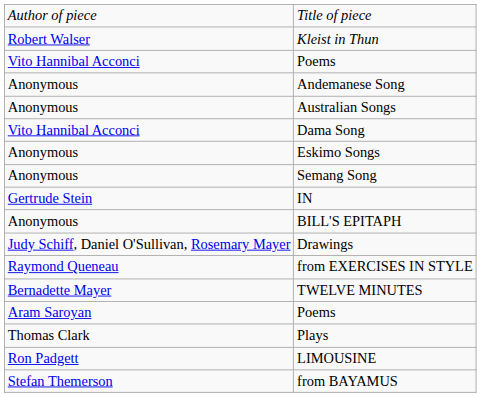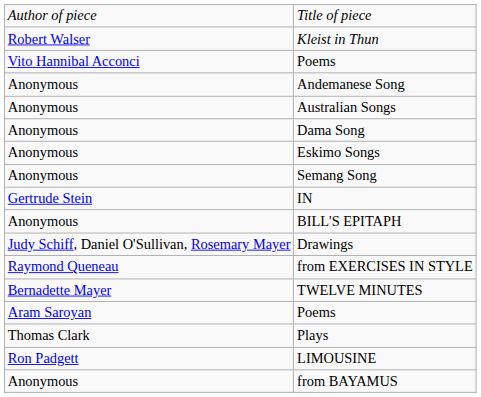 <table class="wikitable">
 <tr>
 <td><em>Author of piece</em></td>
 <td><em>Title of piece</em></td>
 </tr>
 <tr>
 <td><a href='#'>Robert Walser</a></td>
 <td><em>Kleist in Thun</em></td>
 </tr>
 <tr>
 <td><a href='#'>Vito Hannibal Acconci</a></td>
 <td>Poems</td>
 </tr>
 <tr>
 <td>Anonymous</td>
 <td>Andemanese Song</td>
 </tr>
 <tr>
 <td>Anonymous</td>
 <td>Australian Songs</td>
 </tr>
 <tr>
-<td><a href='#'>Vito Hannibal Acconci</a></td>
+<td>Anonymous</td>
 <td>Dama Song</td>
 </tr>
 <tr>
 <td>Anonymous</td>
 <td>Eskimo Songs</td>
 </tr>
 <tr>
 <td>Anonymous</td>
 <td>Semang Song</td>
 </tr>
 <tr>
 <td><a href='#'>Gertrude Stein</a></td>
 <td>IN</td>
 </tr>
 <tr>
 <td>Anonymous</td>
 <td>BILL'S EPITAPH</td>
 </tr>
 <tr>
 <td><a href='#'>Judy Schiff</a>, Daniel O'Sullivan, <a href='#'>Rosemary Mayer</a></td>
 <td>Drawings</td>
 </tr>
 <tr>
 <td><a href='#'>Raymond Queneau</a></td>
 <td>from EXERCISES IN STYLE</td>
 </tr>
 <tr>
 <td><a href='#'>Bernadette Mayer</a></td>
 <td>TWELVE MINUTES</td>
 </tr>
 <tr>
 <td><a href='#'>Aram Saroyan</a></td>
 <td>Poems</td>
 </tr>
 <tr>
 <td>Thomas Clark</td>
 <td>Plays</td>
 </tr>
 <tr>
 <td><a href='#'>Ron Padgett</a></td>
 <td>LIMOUSINE</td>
 </tr>
 <tr>
-<td><a href='#'>Stefan Themerson</a></td>
+<td>Anonymous</td>
 <td>from BAYAMUS</td>
 </tr>
 </table>
